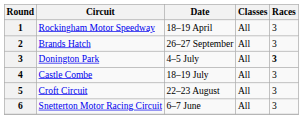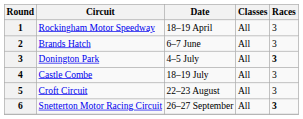 <table class="wikitable" style="font-size: 85%;">
 <tr>
 <th>Round</th>
 <th>Circuit</th>
 <th>Date</th>
 <th>Classes</th>
 <th>Races</th>
 </tr>
 <tr>
 <th>1</th>
 <td><a href='#'>Rockingham Motor Speedway</a></td>
 <td>18–19 April</td>
 <td>All</td>
 <td>3</td>
 </tr>
 <tr>
 <th>2</th>
 <td><a href='#'>Brands Hatch</a></td>
-<td>26–27 September</td>
+<td>6–7 June</td>
 <td>All</td>
 <td>3</td>
 </tr>
 <tr>
 <th>3</th>
 <td><a href='#'>Donington Park</a></td>
 <td>4–5 July</td>
 <td>All</td>
 <td><strong>3</strong></td>
 </tr>
 <tr>
 <th>4</th>
 <td><a href='#'>Castle Combe</a></td>
 <td>18–19 July</td>
 <td>All</td>
 <td>3</td>
 </tr>
 <tr>
 <th>5</th>
 <td><a href='#'>Croft Circuit</a></td>
 <td>22–23 August</td>
 <td>All</td>
 <td>3</td>
 </tr>
 <tr>
 <th>6</th>
 <td><a href='#'>Snetterton Motor Racing Circuit</a></td>
-<td>6–7 June</td>
+<td>26–27 September</td>
 <td>All</td>
-<td>3</td>
+<td><strong>3</strong></td>
 </tr>
 <tr>
 </tr>
 </table>
